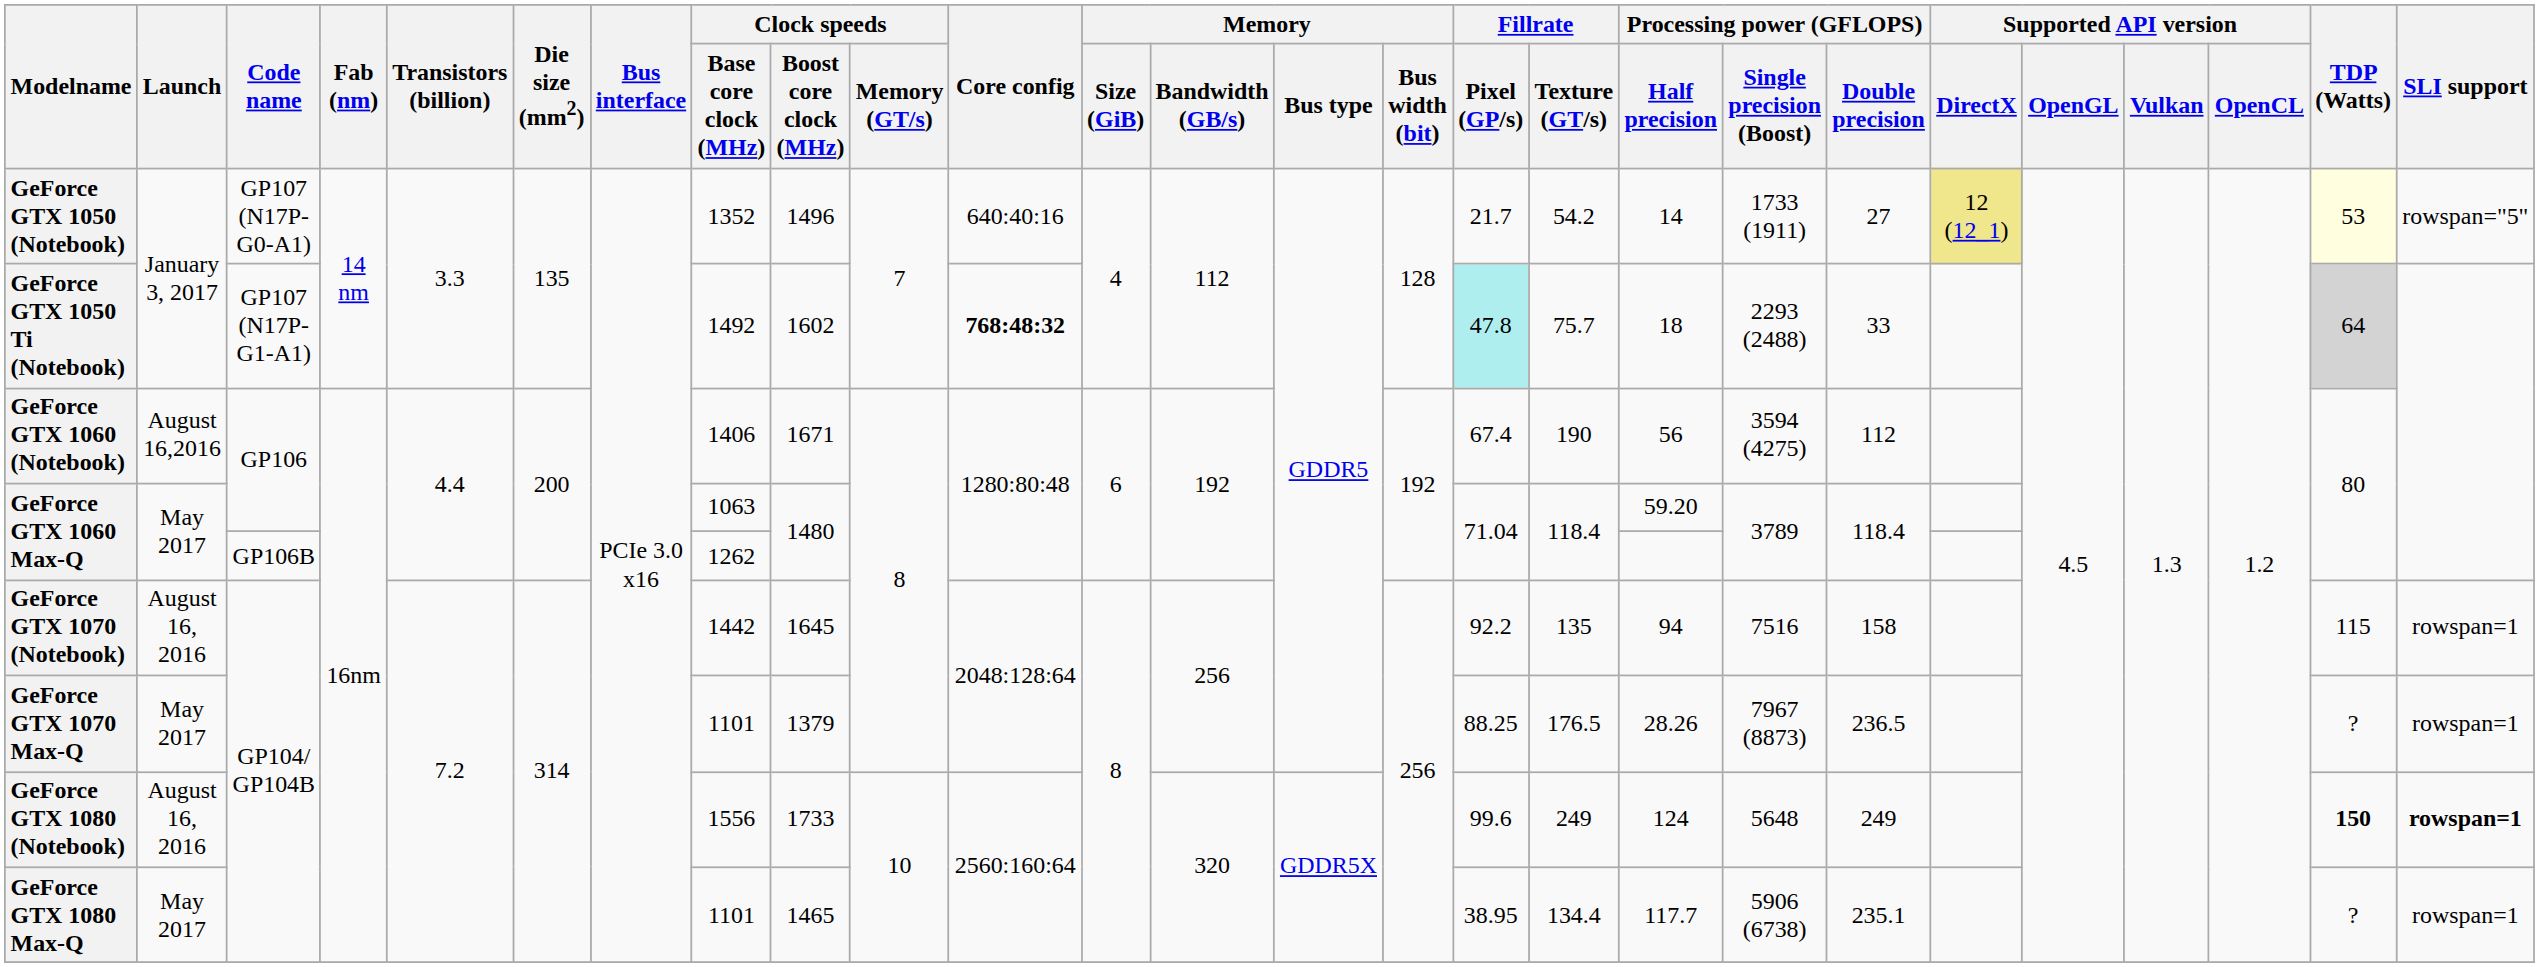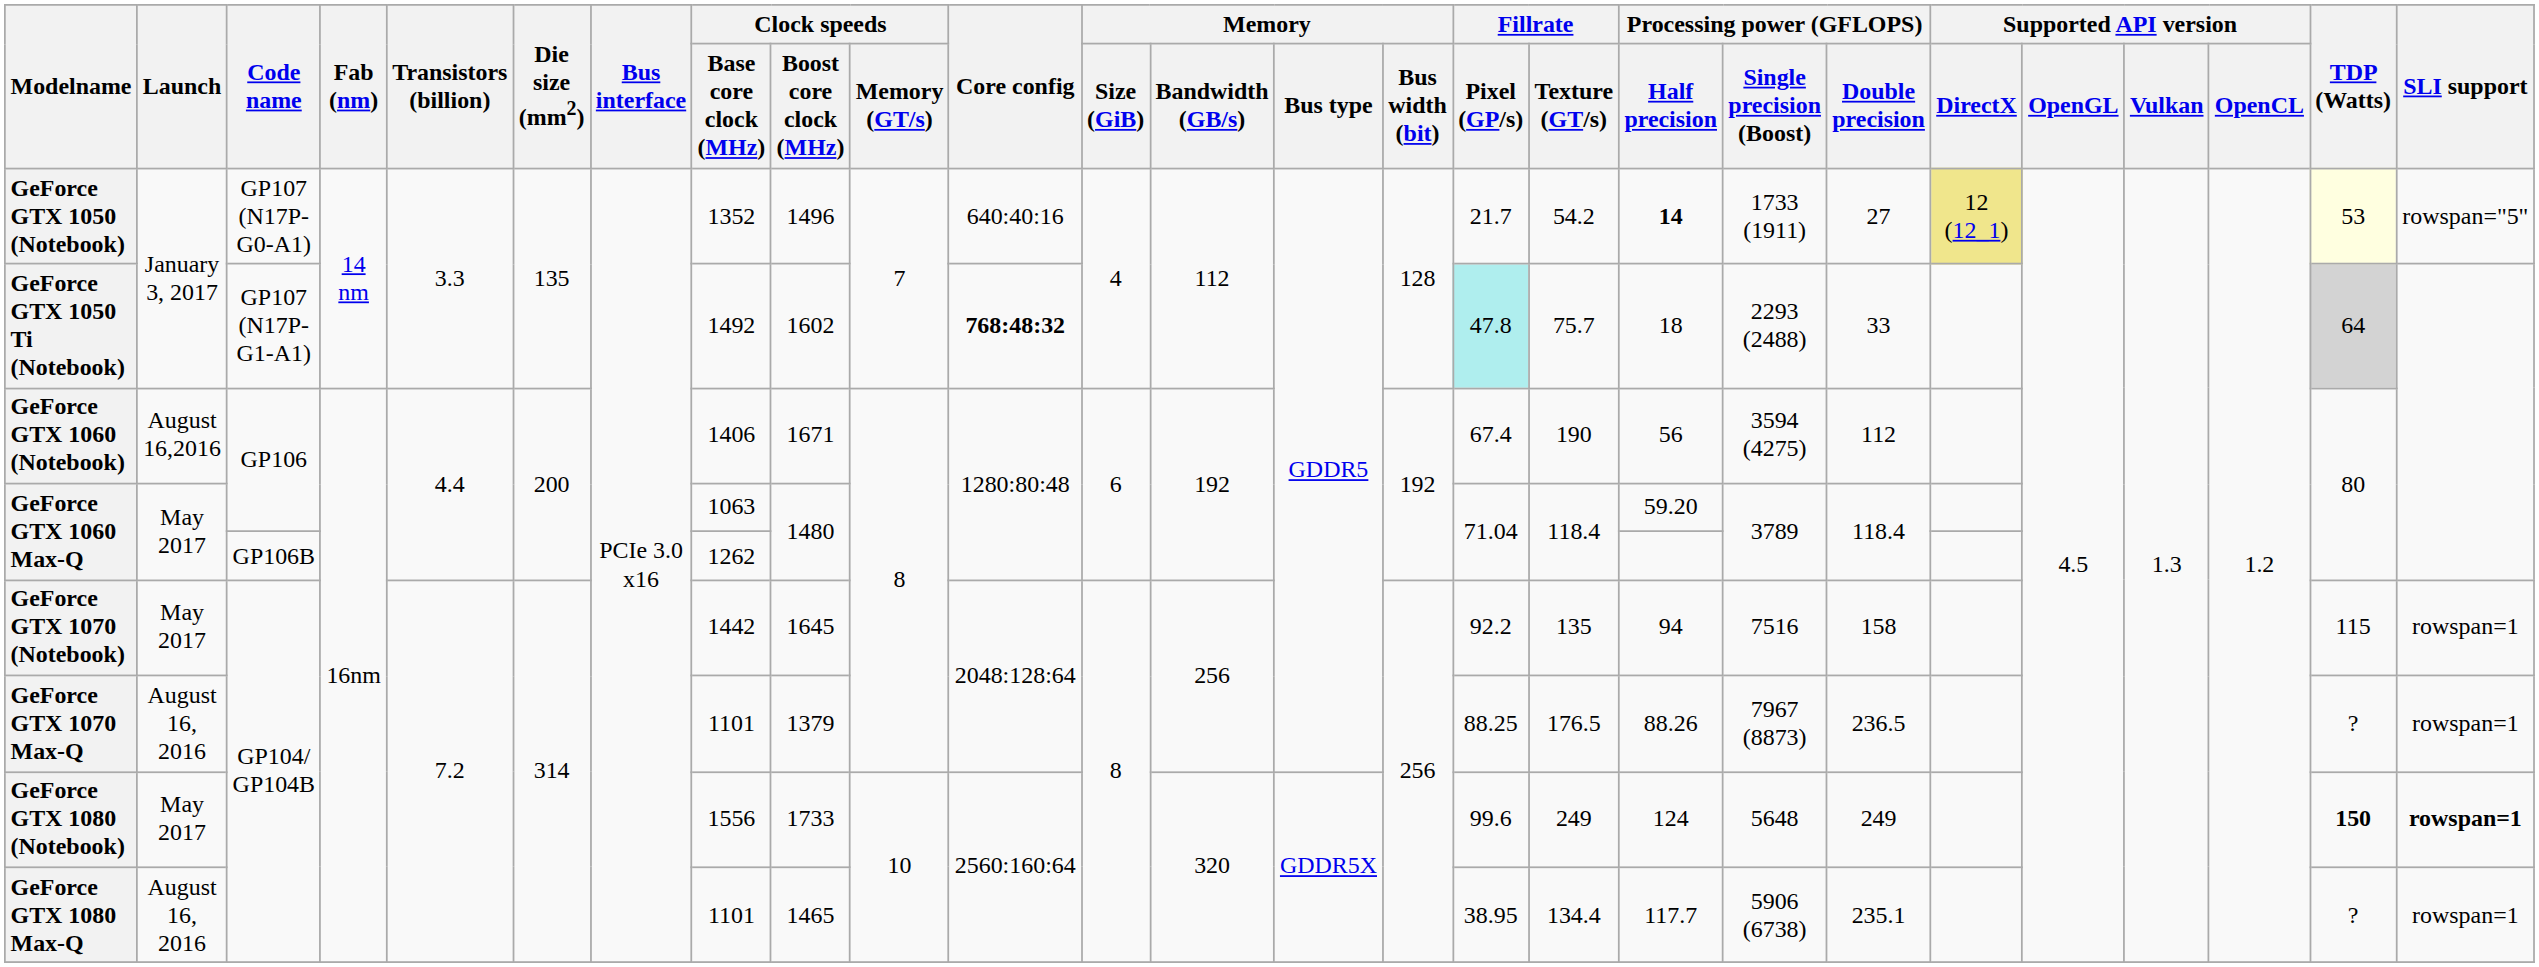 <table class="mw-datatable wikitable sortable sort-under" style="font-size:85%; text-align:center;">
 <tr>
 <th rowspan="2">Modelname</th>
 <th rowspan="2">Launch</th>
 <th rowspan="2"><a href='#'>Code name</a></th>
 <th rowspan="2">Fab (<a href='#'>nm</a>)</th>
 <th rowspan="2">Transistors (billion)</th>
 <th rowspan="2">Die size (mm<sup>2</sup>)</th>
 <th rowspan="2"><a href='#'>Bus</a> <a href='#'>interface</a></th>
 <th colspan="3">Clock speeds</th>
 <th rowspan="2">Core config</th>
 <th colspan="4">Memory</th>
 <th colspan="2"><a href='#'>Fillrate</a></th>
 <th colspan="3">Processing power (GFLOPS)</th>
 <th colspan="4">Supported <a href='#'>API</a> version</th>
 <th rowspan="2"><a href='#'>TDP</a> (Watts)</th>
 <th rowspan="2"><a href='#'>SLI</a> support</th>
 </tr>
 <tr>
 <th>Base core clock (<a href='#'>MHz</a>)</th>
 <th>Boost core clock (<a href='#'>MHz</a>)</th>
 <th>Memory (<a href='#'>GT/s</a>)</th>
 <th>Size (<a href='#'>GiB</a>)</th>
 <th>Bandwidth (<a href='#'>GB/s</a>)</th>
 <th>Bus type</th>
 <th>Bus width (<a href='#'>bit</a>)</th>
 <th>Pixel (<a href='#'>GP</a>/s)</th>
 <th>Texture (<a href='#'>GT</a>/s)</th>
 <th><a href='#'>Half precision</a></th>
 <th><a href='#'>Single precision</a> (Boost)</th>
 <th><a href='#'>Double precision</a></th>
 <th><a href='#'>DirectX</a></th>
 <th><a href='#'>OpenGL</a></th>
 <th><a href='#'>Vulkan</a></th>
 <th><a href='#'>OpenCL</a></th>
 </tr>
 <tr>
 <th style="text-align:left;">GeForce GTX 1050 (Notebook) </th>
 <td rowspan="2">January 3, 2017</td>
 <td>GP107 (N17P-G0-A1)</td>
 <td rowspan="2"><a href='#'>14 nm</a></td>
 <td rowspan="2">3.3</td>
 <td rowspan="2">135</td>
 <td rowspan="9">PCIe 3.0 x16</td>
 <td>1352</td>
 <td>1496</td>
 <td rowspan="2">7</td>
 <td>640:40:16</td>
 <td rowspan="2">4</td>
 <td rowspan="2">112</td>
 <td rowspan="7"><a href='#'>GDDR5</a></td>
 <td rowspan="2">128</td>
 <td>21.7</td>
 <td>54.2</td>
-<td>14</td>
+<td><strong>14</strong></td>
 <td>1733 <br>(1911)</td>
 <td>27</td>
 <td style="background: khaki;">12 <br>(<a href='#'>12_1</a>)</td>
 <td rowspan="9">4.5</td>
 <td rowspan="9">1.3</td>
 <td rowspan="9">1.2</td>
 <td style="background: lightyellow;">53</td>
 <td>rowspan="5" </td>
 </tr>
 <tr>
 <th style="text-align:left;">GeForce GTX 1050 Ti (Notebook) </th>
 <td>GP107 (N17P-G1-A1)</td>
 <td>1492</td>
 <td>1602</td>
 <td><strong>768:48:32</strong></td>
 <td style="background: paleturquoise;">47.8</td>
 <td>75.7</td>
 <td>18</td>
 <td>2293 <br>(2488)</td>
 <td>33</td>
 <td></td>
 <td style="background: lightgrey;">64</td>
 </tr>
 <tr>
 <th style="text-align:left;">GeForce GTX 1060 (Notebook) </th>
 <td>August 16,2016</td>
 <td rowspan="2">GP106</td>
 <td rowspan="7">16nm</td>
 <td rowspan="3">4.4</td>
 <td rowspan="3">200</td>
 <td>1406</td>
 <td>1671</td>
 <td rowspan="5">8</td>
 <td rowspan="3">1280:80:48</td>
 <td rowspan="3">6</td>
 <td rowspan="3">192</td>
 <td rowspan="3">192</td>
 <td>67.4</td>
 <td>190</td>
 <td>56</td>
 <td>3594 <br>(4275)</td>
 <td>112</td>
 <td></td>
 <td rowspan="3">80</td>
 </tr>
 <tr>
 <th rowspan="2" style="text-align:left;">GeForce GTX 1060 Max-Q</th>
 <td rowspan="2">May 2017</td>
 <td>1063</td>
 <td rowspan="2">1480</td>
 <td rowspan="2">71.04</td>
 <td rowspan="2">118.4</td>
 <td>59.20</td>
 <td rowspan="2">3789</td>
 <td rowspan="2">118.4</td>
 <td></td>
 </tr>
 <tr>
 <td>GP106B</td>
 <td>1262</td>
 <td></td>
 <td></td>
 </tr>
 <tr>
 <th style="text-align:left;">GeForce GTX 1070 (Notebook) </th>
-<td>August 16, 2016</td>
+<td>May 2017</td>
 <td rowspan="4">GP104/ GP104B </td>
 <td rowspan="4">7.2</td>
 <td rowspan="4">314</td>
 <td>1442</td>
 <td>1645</td>
 <td rowspan="2">2048:128:64</td>
 <td rowspan="4">8</td>
 <td rowspan="2">256</td>
 <td rowspan="4">256</td>
 <td>92.2</td>
 <td>135</td>
 <td>94</td>
 <td>7516</td>
 <td>158</td>
 <td></td>
 <td>115</td>
 <td>rowspan=1 </td>
 </tr>
 <tr>
 <th style="text-align:left;">GeForce GTX 1070 Max-Q</th>
-<td>May 2017</td>
+<td>August 16, 2016</td>
 <td>1101</td>
 <td>1379</td>
 <td>88.25</td>
 <td>176.5</td>
-<td>28.26</td>
+<td>88.26</td>
 <td>7967 <br>(8873)</td>
 <td>236.5</td>
 <td></td>
 <td>?</td>
 <td>rowspan=1 </td>
 </tr>
 <tr>
 <th style="text-align:left;">GeForce GTX 1080 (Notebook) </th>
-<td>August 16, 2016</td>
+<td>May 2017</td>
 <td>1556</td>
 <td>1733</td>
 <td rowspan="2">10</td>
 <td rowspan="2">2560:160:64</td>
 <td rowspan="2">320</td>
 <td rowspan="2"><a href='#'>GDDR5X</a></td>
 <td>99.6</td>
 <td>249</td>
 <td>124</td>
 <td>5648</td>
 <td>249</td>
 <td></td>
 <td><strong>150</strong></td>
 <td><strong>rowspan=1 </strong></td>
 </tr>
 <tr>
 <th style="text-align:left;">GeForce GTX 1080 Max-Q</th>
-<td>May 2017</td>
+<td>August 16, 2016</td>
 <td>1101</td>
 <td>1465</td>
 <td>38.95</td>
 <td>134.4</td>
 <td>117.7</td>
 <td>5906 <br>(6738)</td>
 <td>235.1</td>
 <td></td>
 <td>?</td>
 <td>rowspan=1 </td>
 </tr>
 <tr>
 </tr>
 </table>
